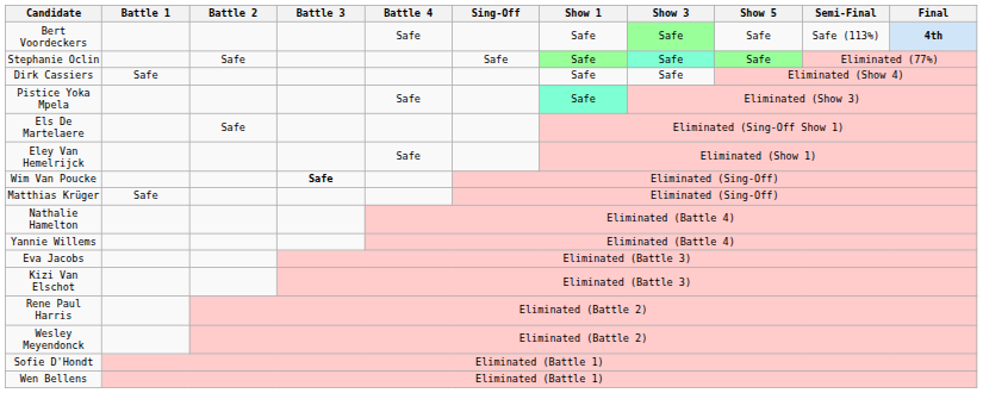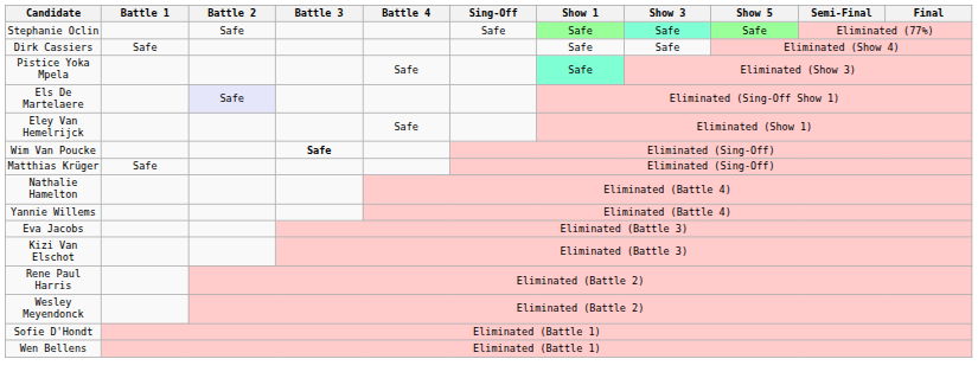 <table class="wikitable" style="text-align:center; font-size:85%">
 <tr>
 <th style="width:100px;">Candidate</th>
 <th style="width:90px;">Battle 1</th>
 <th style="width:90px;">Battle 2</th>
 <th style="width:90px;">Battle 3</th>
 <th style="width:90px;">Battle 4</th>
 <th style="width:90px;">Sing-Off</th>
 <th style="width:90px;">Show 1</th>
 <th style="width:90px;">Show 3</th>
 <th style="width:90px;">Show 5</th>
 <th style="width:90px;">Semi-Final</th>
 <th style="width:90px;">Final</th>
-</tr>
-<tr>
-<td>Bert Voordeckers</td>
-<td></td>
-<td></td>
-<td></td>
-<td>Safe</td>
-<td></td>
-<td>Safe</td>
-<td style="background:#9f9;">Safe</td>
-<td>Safe</td>
-<td>Safe (113%)</td>
-<td style="background:#d1e5f8;"><strong>4th</strong></td>
 </tr>
 <tr>
 <td>Stephanie Oclin</td>
 <td></td>
 <td>Safe</td>
 <td></td>
 <td></td>
 <td>Safe</td>
 <td style="background:#9f9;">Safe</td>
 <td style="background:aquamarine">Safe</td>
 <td style="background:#9f9;">Safe</td>
 <td style="background:#ffcbcb" colspan=2>Eliminated (77%)</td>
 </tr>
 <tr>
 <td>Dirk Cassiers</td>
 <td>Safe</td>
 <td></td>
 <td></td>
 <td></td>
 <td></td>
 <td>Safe</td>
 <td>Safe</td>
 <td style="background:#ffcbcb" colspan=3>Eliminated (Show 4)</td>
 </tr>
 <tr>
 <td>Pistice Yoka Mpela</td>
 <td></td>
 <td></td>
 <td></td>
 <td>Safe</td>
 <td></td>
 <td style="background:aquamarine">Safe</td>
 <td style="background:#ffcbcb" colspan=4>Eliminated (Show 3)</td>
 </tr>
 <tr>
 <td>Els De Martelaere</td>
 <td></td>
-<td>Safe</td>
+<td style="background: lavender;">Safe</td>
 <td></td>
 <td></td>
 <td></td>
 <td style="background:#ffcbcb" colspan=5>Eliminated (Sing-Off Show 1)</td>
 </tr>
 <tr>
 <td>Eley Van Hemelrijck</td>
 <td></td>
 <td></td>
 <td></td>
 <td>Safe</td>
 <td></td>
 <td style="background:#ffcbcb" colspan=5>Eliminated (Show 1)</td>
 </tr>
 <tr>
 <td>Wim Van Poucke</td>
 <td></td>
 <td></td>
 <td><strong>Safe</strong></td>
 <td></td>
 <td style="background:#ffcbcb" colspan=6>Eliminated (Sing-Off)</td>
 </tr>
 <tr>
 <td>Matthias Krüger</td>
 <td>Safe</td>
 <td></td>
 <td></td>
 <td></td>
 <td style="background:#ffcbcb" colspan=6>Eliminated (Sing-Off)</td>
 </tr>
 <tr>
 <td>Nathalie Hamelton</td>
 <td></td>
 <td></td>
 <td></td>
 <td style="background:#ffcbcb" colspan=7>Eliminated (Battle 4)</td>
 </tr>
 <tr>
 <td>Yannie Willems</td>
 <td></td>
 <td></td>
 <td></td>
 <td style="background:#ffcbcb" colspan=7>Eliminated (Battle 4)</td>
 </tr>
 <tr>
 <td>Eva Jacobs</td>
 <td></td>
 <td></td>
 <td style="background:#ffcbcb" colspan=8>Eliminated (Battle 3)</td>
 </tr>
 <tr>
 <td>Kizi Van Elschot</td>
 <td></td>
 <td></td>
 <td style="background:#ffcbcb" colspan=8>Eliminated (Battle 3)</td>
 </tr>
 <tr>
 <td>Rene Paul Harris</td>
 <td></td>
 <td style="background:#ffcbcb" colspan=9>Eliminated (Battle 2)</td>
 </tr>
 <tr>
 <td>Wesley Meyendonck</td>
 <td></td>
 <td style="background:#ffcbcb" colspan=9>Eliminated (Battle 2)</td>
 </tr>
 <tr>
 <td>Sofie D'Hondt</td>
 <td style="background:#ffcbcb" colspan=10>Eliminated (Battle 1)</td>
 </tr>
 <tr>
 <td>Wen Bellens</td>
 <td style="background:#ffcbcb" colspan=10>Eliminated (Battle 1)</td>
 </tr>
 </table>
